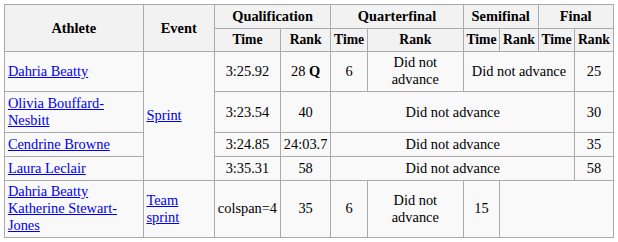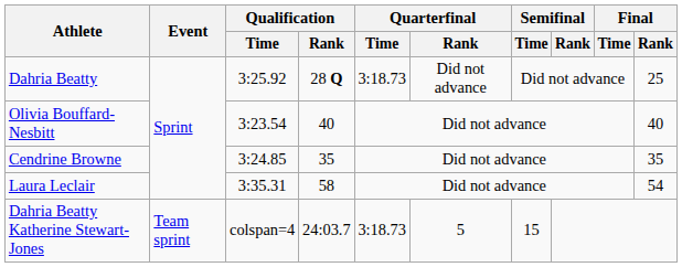 <table class=wikitable style=font-size:90%;text-align:center>
 <tr>
 <th rowspan=2>Athlete</th>
 <th rowspan=2>Event</th>
 <th colspan=2>Qualification</th>
 <th colspan=2>Quarterfinal</th>
 <th colspan=2>Semifinal</th>
 <th colspan=2>Final</th>
 </tr>
 <tr style=font-size:95%>
 <th>Time</th>
 <th>Rank</th>
 <th>Time</th>
 <th>Rank</th>
 <th>Time</th>
 <th>Rank</th>
 <th>Time</th>
 <th>Rank</th>
 </tr>
 <tr>
 <td align=left><a href='#'>Dahria Beatty</a></td>
 <td align=left rowspan=4><a href='#'>Sprint</a></td>
 <td>3:25.92</td>
 <td>28 <strong>Q</strong></td>
-<td>6</td>
+<td>3:18.73</td>
 <td>Did not advance</td>
 <td colspan=3>Did not advance</td>
 <td>25</td>
 </tr>
 <tr>
 <td align=left><a href='#'>Olivia Bouffard-Nesbitt</a></td>
 <td>3:23.54</td>
 <td>40</td>
 <td colspan=5>Did not advance</td>
-<td>30</td>
+<td>40</td>
 </tr>
 <tr>
 <td align=left><a href='#'>Cendrine Browne</a></td>
 <td>3:24.85</td>
-<td>24:03.7</td>
+<td>35</td>
 <td colspan=5>Did not advance</td>
 <td>35</td>
 </tr>
 <tr>
 <td align=left><a href='#'>Laura Leclair</a></td>
 <td>3:35.31</td>
 <td>58</td>
 <td colspan=5>Did not advance</td>
-<td>58</td>
+<td>54</td>
 </tr>
 <tr>
 <td align=left><a href='#'>Dahria Beatty</a><br><a href='#'>Katherine Stewart-Jones</a></td>
 <td align=left><a href='#'>Team sprint</a></td>
 <td>colspan=4 </td>
-<td>35</td>
-<td>6</td>
-<td>Did not advance</td>
+<td>24:03.7</td>
+<td>3:18.73</td>
+<td>5</td>
 <td>15</td>
 </tr>
 </table>
